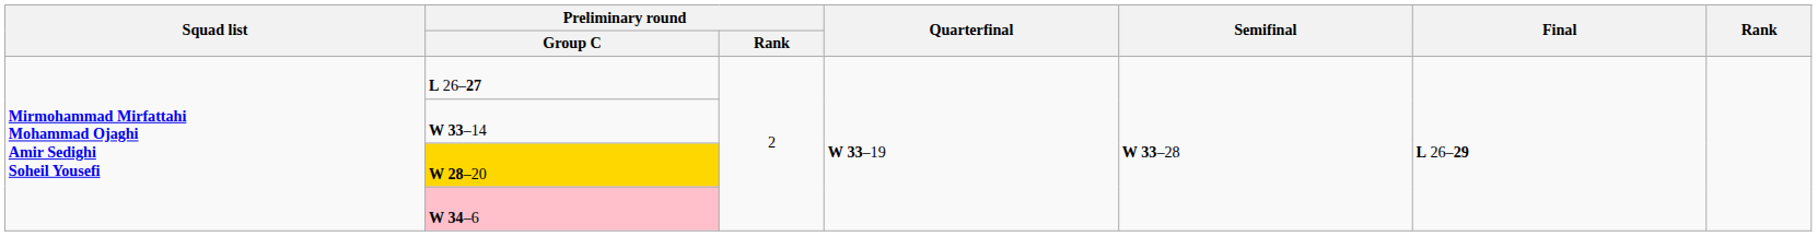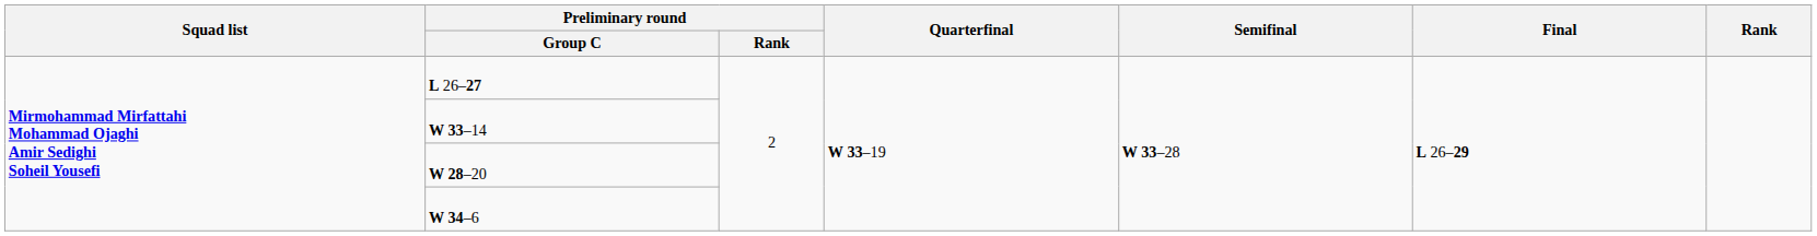 <table class="wikitable" width="85%" style="text-align:left; font-size:90%">
 <tr>
 <th rowspan="2" width="20%">Squad list</th>
 <th colspan="2">Preliminary round</th>
 <th rowspan="2" width="14%">Quarterfinal</th>
 <th rowspan="2" width="14%">Semifinal</th>
 <th rowspan="2" width="14%">Final</th>
 <th rowspan="2" width="5%">Rank</th>
 </tr>
 <tr>
 <th width="14%">Group C</th>
 <th width="5%">Rank</th>
 </tr>
 <tr>
 <td rowspan="4"><strong><a href='#'>Mirmohammad Mirfattahi</a><br><a href='#'>Mohammad Ojaghi</a><br><a href='#'>Amir Sedighi</a><br><a href='#'>Soheil Yousefi</a></strong></td>
 <td><br><strong>L</strong> 26–<strong>27</strong></td>
 <td rowspan="4" align=center>2 <strong></strong></td>
 <td rowspan="4"><br><strong>W</strong> <strong>33</strong>–19</td>
 <td rowspan="4"><br><strong>W</strong> <strong>33</strong>–28</td>
 <td rowspan="4"><br><strong>L</strong> 26–<strong>29</strong></td>
 <td rowspan="4" align="center"></td>
 </tr>
 <tr>
 <td><br><strong>W</strong> <strong>33</strong>–14</td>
 </tr>
 <tr>
-<td style="background: gold;"><br><strong>W</strong> <strong>28</strong>–20</td>
+<td><br><strong>W</strong> <strong>28</strong>–20</td>
 </tr>
 <tr>
-<td style="background: pink;"><br><strong>W</strong> <strong>34</strong>–6</td>
+<td><br><strong>W</strong> <strong>34</strong>–6</td>
 </tr>
 </table>
